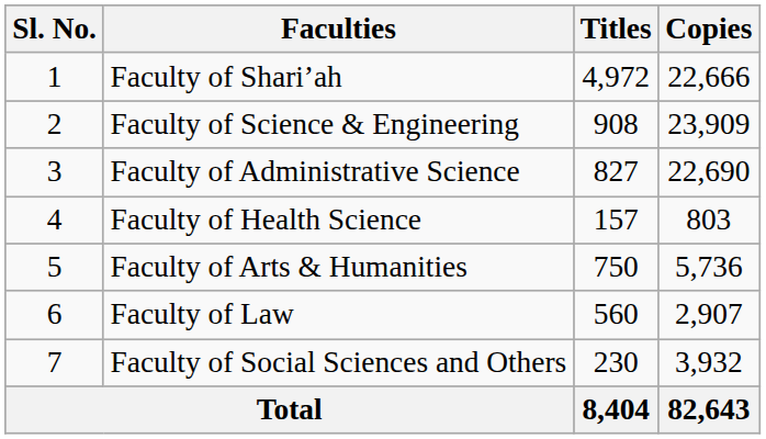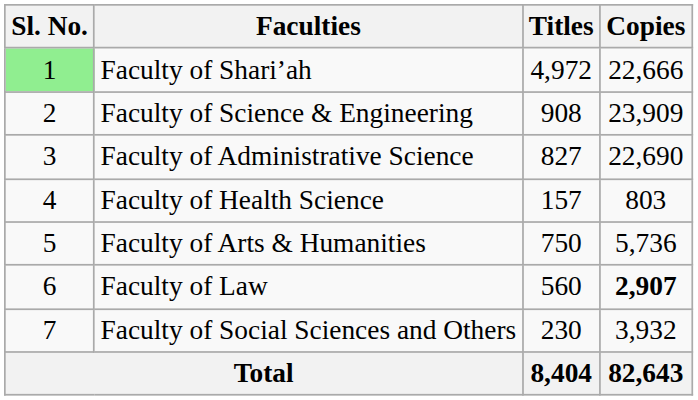 <table class="wikitable" style="text-align:center">
 <tr>
 <th>Sl. No.</th>
 <th>Faculties</th>
 <th>Titles</th>
 <th>Copies</th>
 </tr>
 <tr>
-<td>1</td>
+<td style="background: lightgreen;">1</td>
 <td style="text-align:left">Faculty of Shari’ah</td>
 <td>4,972</td>
 <td>22,666</td>
 </tr>
 <tr>
 <td>2</td>
 <td style="text-align:left">Faculty of Science & Engineering</td>
 <td>908</td>
 <td>23,909</td>
 </tr>
 <tr>
 <td>3</td>
 <td style="text-align:left">Faculty of Administrative Science</td>
 <td>827</td>
 <td>22,690</td>
 </tr>
 <tr>
 <td>4</td>
 <td style="text-align:left">Faculty of Health Science</td>
 <td>157</td>
 <td>803</td>
 </tr>
 <tr>
 <td>5</td>
 <td style="text-align:left">Faculty of Arts & Humanities</td>
 <td>750</td>
 <td>5,736</td>
 </tr>
 <tr>
 <td>6</td>
 <td style="text-align:left">Faculty of Law</td>
 <td>560</td>
-<td>2,907</td>
+<td><strong>2,907</strong></td>
 </tr>
 <tr>
 <td>7</td>
 <td style="text-align:left">Faculty of Social Sciences and Others</td>
 <td>230</td>
 <td>3,932</td>
 </tr>
 <tr>
 <th colspan="2">Total</th>
 <th>8,404</th>
 <th>82,643</th>
 </tr>
 </table>
